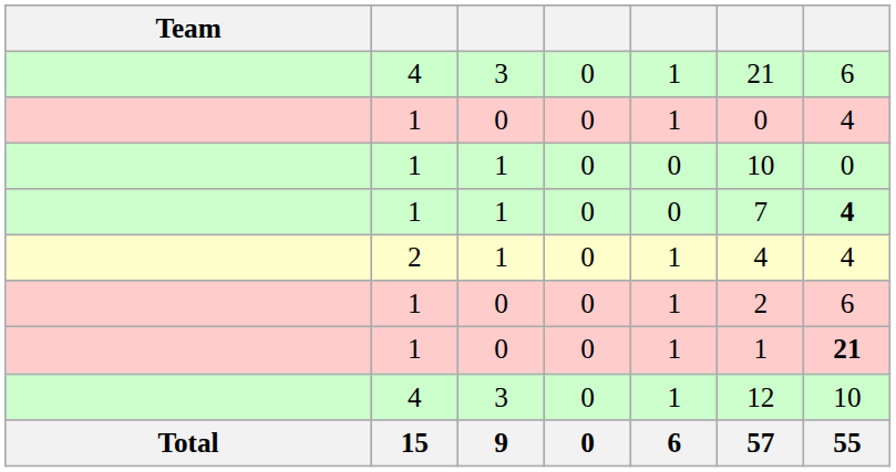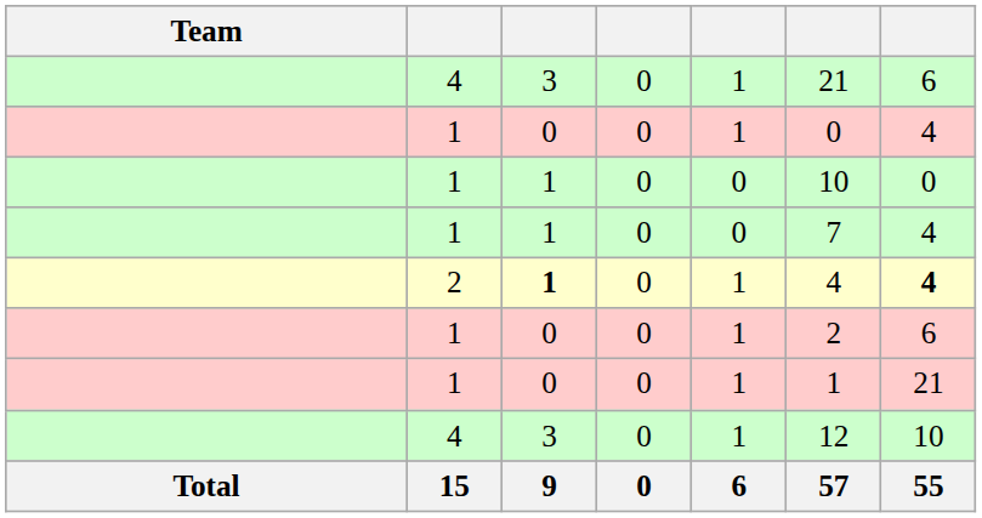 <table class="wikitable" style="font-size:95%; text-align:center">
 <tr>
 <th width=192>Team</th>
 <th width=40></th>
 <th width=40></th>
 <th width=40></th>
 <th width=40></th>
 <th width=40></th>
 <th width=40></th>
 </tr>
 <tr style="background:#ccffcc;">
 <td style="text-align:left;"></td>
 <td>4</td>
 <td>3</td>
 <td>0</td>
 <td>1</td>
 <td>21</td>
 <td>6</td>
 </tr>
 <tr style="background:#ffcccc;">
 <td style="text-align:left;"></td>
 <td>1</td>
 <td>0</td>
 <td>0</td>
 <td>1</td>
 <td>0</td>
 <td>4</td>
 </tr>
 <tr style="background:#ccffcc;">
 <td style="text-align:left;"></td>
 <td>1</td>
 <td>1</td>
 <td>0</td>
 <td>0</td>
 <td>10</td>
 <td>0</td>
 </tr>
 <tr style="background:#ccffcc;">
 <td style="text-align:left;"></td>
 <td>1</td>
 <td>1</td>
 <td>0</td>
 <td>0</td>
 <td>7</td>
-<td><strong>4</strong></td>
+<td>4</td>
 </tr>
 <tr style="background:#ffffcc;">
 <td style="text-align:left;"></td>
 <td>2</td>
-<td>1</td>
+<td><strong>1</strong></td>
 <td>0</td>
 <td>1</td>
 <td>4</td>
-<td>4</td>
+<td><strong>4</strong></td>
 </tr>
 <tr style="background:#ffcccc;">
 <td style="text-align:left;"></td>
 <td>1</td>
 <td>0</td>
 <td>0</td>
 <td>1</td>
 <td>2</td>
 <td>6</td>
 </tr>
 <tr style="background:#ffcccc;">
 <td style="text-align:left;"></td>
 <td>1</td>
 <td>0</td>
 <td>0</td>
 <td>1</td>
 <td>1</td>
-<td><strong>21</strong></td>
+<td>21</td>
 </tr>
 <tr style="background:#ccffcc;">
 <td style="text-align:left;"></td>
 <td>4</td>
 <td>3</td>
 <td>0</td>
 <td>1</td>
 <td>12</td>
 <td>10</td>
 </tr>
 <tr>
 <th>Total</th>
 <th>15</th>
 <th>9</th>
 <th>0</th>
 <th>6</th>
 <th>57</th>
 <th>55</th>
 </tr>
 </table>
